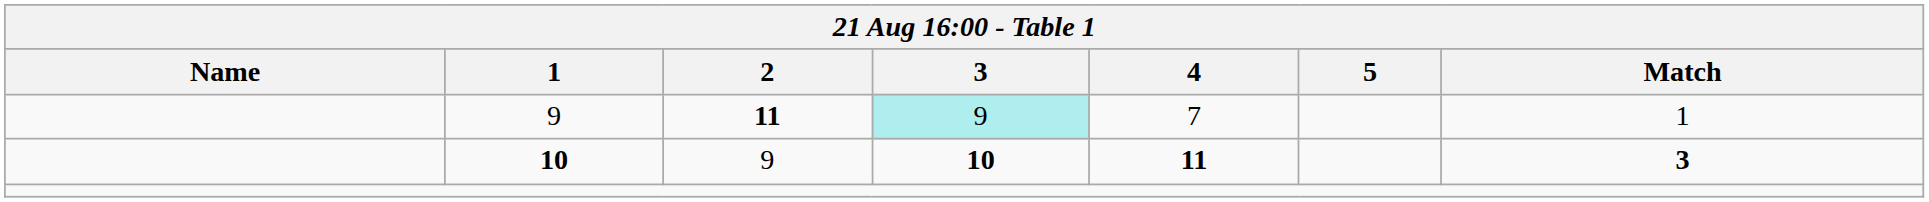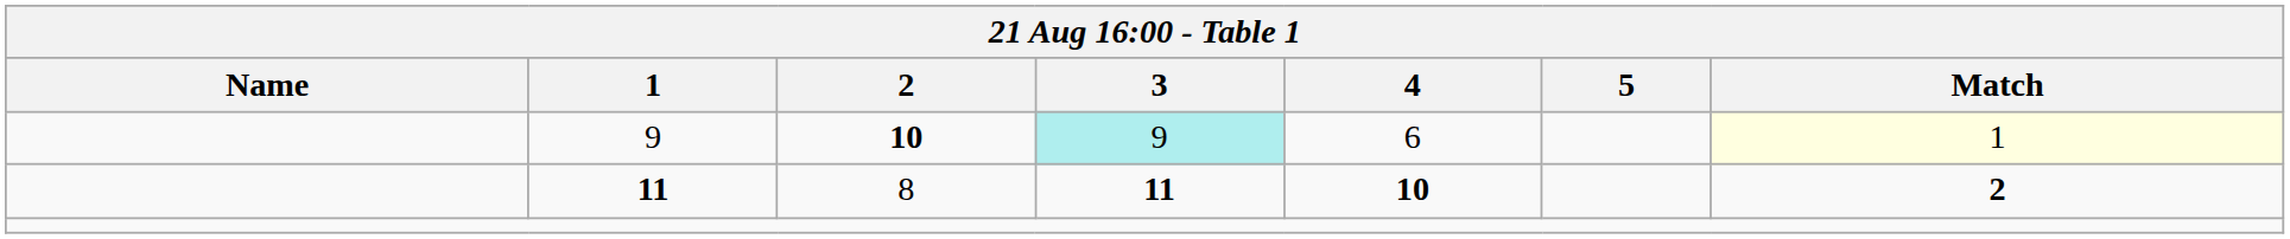 <table class=wikitable style="text-align:center; width: 55%">
 <tr>
 <th colspan=17><em>21 Aug 16:00 - Table 1</em></th>
 </tr>
 <tr>
 <th>Name</th>
 <th>1</th>
 <th>2</th>
 <th>3</th>
 <th>4</th>
 <th>5</th>
 <th>Match</th>
 </tr>
 <tr>
 <td style="text-align:left;"></td>
 <td>9</td>
-<td><strong>11</strong></td>
+<td><strong>10</strong></td>
 <td style="background: paleturquoise;">9</td>
-<td>7</td>
+<td>6</td>
 <td></td>
-<td>1</td>
+<td style="background: lightyellow;">1</td>
 </tr>
 <tr>
 <td style="text-align:left;"><strong></strong></td>
+<td><strong>11</strong></td>
+<td>8</td>
+<td><strong>11</strong></td>
 <td><strong>10</strong></td>
-<td>9</td>
-<td><strong>10</strong></td>
-<td><strong>11</strong></td>
 <td></td>
-<td><strong>3</strong></td>
+<td><strong>2</strong></td>
 </tr>
 <tr>
 <td colspan=17></td>
 </tr>
 </table>
